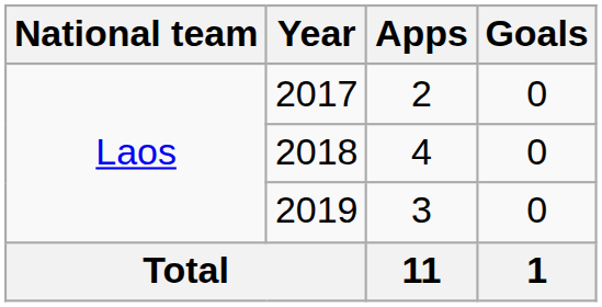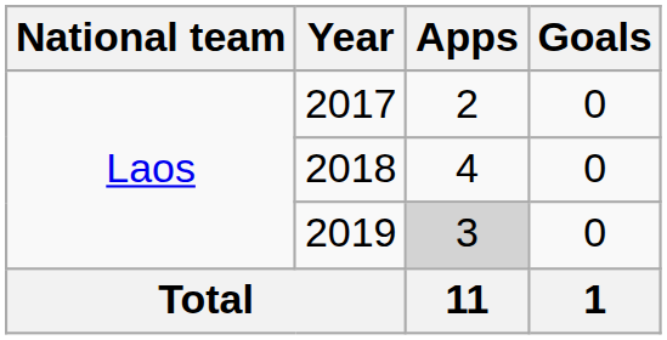 <table class="wikitable" style="text-align:center">
 <tr>
 <th>National team</th>
 <th>Year</th>
 <th>Apps</th>
 <th>Goals</th>
 </tr>
 <tr>
 <td rowspan="3"><a href='#'>Laos</a></td>
 <td>2017</td>
 <td>2</td>
 <td>0</td>
 </tr>
 <tr>
 <td>2018</td>
 <td>4</td>
 <td>0</td>
 </tr>
 <tr>
 <td>2019</td>
-<td>3</td>
+<td style="background: lightgrey;">3</td>
 <td>0</td>
 </tr>
 <tr>
 <th colspan=2>Total</th>
 <th>11</th>
 <th>1</th>
 </tr>
 </table>
